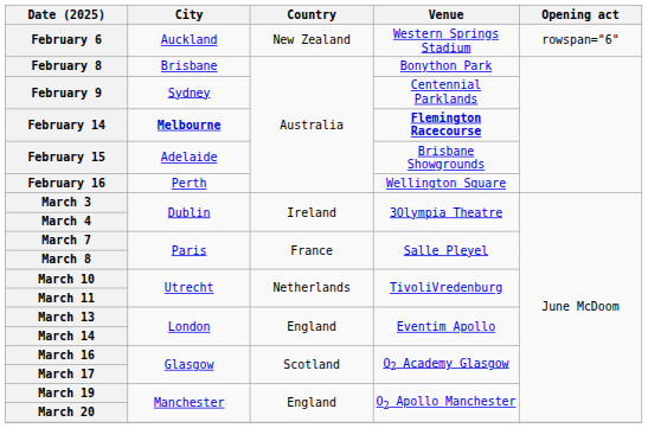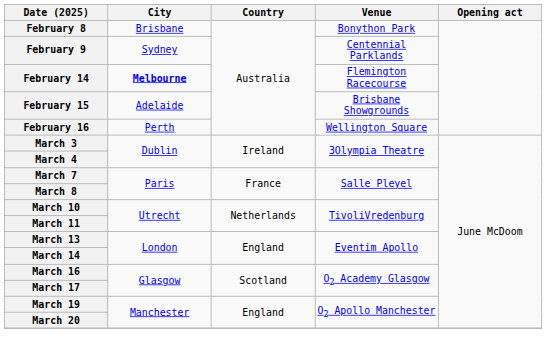 <table class="wikitable plainrowheaders" style="text-align:center;">
 <tr>
 <th scope="col" style="width:10em;">Date (2025)</th>
 <th scope="col" style="width:10em;">City</th>
 <th scope="col" style="width:10em;">Country</th>
 <th scope="col" style="width:12em;">Venue</th>
 <th scope="col" style="width:10em;">Opening act</th>
-</tr>
-<tr>
-<th scope="row" style="text-align:center;">February 6</th>
-<td><a href='#'>Auckland</a></td>
-<td>New Zealand</td>
-<td><a href='#'>Western Springs Stadium</a></td>
-<td>rowspan="6" </td>
 </tr>
 <tr>
 <th scope="row" style="text-align:center;">February 8</th>
 <td><a href='#'>Brisbane</a></td>
 <td rowspan="5">Australia</td>
 <td><a href='#'>Bonython Park</a></td>
 </tr>
 <tr>
 <th scope="row" style="text-align:center;">February 9</th>
 <td><a href='#'>Sydney</a></td>
 <td><a href='#'>Centennial Parklands</a></td>
 </tr>
 <tr>
 <th scope="row" style="text-align:center;">February 14</th>
 <td><strong><a href='#'>Melbourne</a></strong></td>
-<td><strong><a href='#'>Flemington Racecourse</a></strong></td>
+<td><a href='#'>Flemington Racecourse</a></td>
 </tr>
 <tr>
 <th scope="row" style="text-align:center;">February 15</th>
 <td><a href='#'>Adelaide</a></td>
 <td><a href='#'>Brisbane Showgrounds</a></td>
 </tr>
 <tr>
 <th scope="row" style="text-align:center;">February 16</th>
 <td><a href='#'>Perth</a></td>
 <td><a href='#'>Wellington Square</a></td>
 </tr>
 <tr>
 <th scope="row" style="text-align:center;">March 3</th>
 <td rowspan="2"><a href='#'>Dublin</a></td>
 <td rowspan="2">Ireland</td>
 <td rowspan="2"><a href='#'>3Olympia Theatre</a></td>
 <td rowspan="12">June McDoom</td>
 </tr>
 <tr>
 <th scope="row" style="text-align:center;">March 4</th>
 </tr>
 <tr>
 <th scope="row" style="text-align:center;">March 7</th>
 <td rowspan="2"><a href='#'>Paris</a></td>
 <td rowspan="2">France</td>
 <td rowspan="2"><a href='#'>Salle Pleyel</a></td>
 </tr>
 <tr>
 <th scope="row" style="text-align:center;">March 8</th>
 </tr>
 <tr>
 <th scope="row" style="text-align:center;">March 10</th>
 <td rowspan="2"><a href='#'>Utrecht</a></td>
 <td rowspan="2">Netherlands</td>
 <td rowspan="2"><a href='#'>TivoliVredenburg</a></td>
 </tr>
 <tr>
 <th scope="row" style="text-align:center;">March 11</th>
 </tr>
 <tr>
 <th scope="row" style="text-align:center;">March 13</th>
 <td rowspan="2"><a href='#'>London</a></td>
 <td rowspan="2">England</td>
 <td rowspan="2"><a href='#'>Eventim Apollo</a></td>
 </tr>
 <tr>
 <th scope="row" style="text-align:center;">March 14</th>
 </tr>
 <tr>
 <th scope="row" style="text-align:center;">March 16</th>
 <td rowspan="2"><a href='#'>Glasgow</a></td>
 <td rowspan="2">Scotland</td>
 <td rowspan="2"><a href='#'>O<sub>2</sub> Academy Glasgow</a></td>
 </tr>
 <tr>
 <th scope="row" style="text-align:center;">March 17</th>
 </tr>
 <tr>
 <th scope="row" style="text-align:center;">March 19</th>
 <td rowspan="2"><a href='#'>Manchester</a></td>
 <td rowspan="2">England</td>
 <td rowspan="2"><a href='#'>O<sub>2</sub> Apollo Manchester</a></td>
 </tr>
 <tr>
 <th scope="row" style="text-align:center;">March 20</th>
 </tr>
 <tr>
 </tr>
 </table>
